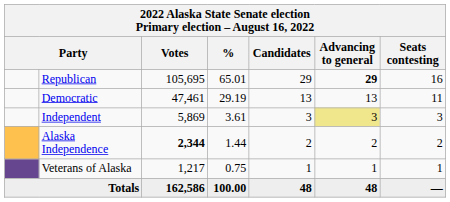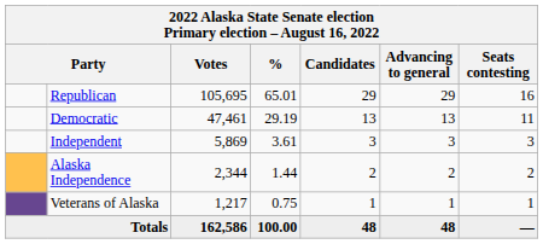 <table class="wikitable">
 <tr>
 <th colspan="7">2022 Alaska State Senate election<br>Primary election – August 16, 2022</th>
 </tr>
 <tr bgcolor="#EEEEEE" align="center">
 <th colspan=2 style="width: 11em">Party</th>
 <th style="width: 5em">Votes</th>
 <th style="width: 3em">%</th>
 <th style="width: 5em">Candidates</th>
 <th style="width: 5em">Advancing to general</th>
 <th style="width: 5em">Seats contesting</th>
 </tr>
 <tr>
 <td style="background:"></td>
 <td style="width: 130px"><a href='#'>Republican</a></td>
 <td align="right">105,695</td>
 <td align="right">65.01</td>
 <td align="right">29</td>
-<td align="right"><strong>29</strong></td>
+<td align="right">29</td>
 <td align="right">16</td>
 </tr>
 <tr>
 <td style="background:"></td>
 <td style="width: 130px"><a href='#'>Democratic</a></td>
 <td align="right">47,461</td>
 <td align="right">29.19</td>
 <td align="right">13</td>
 <td align="right">13</td>
 <td align="right">11</td>
 </tr>
 <tr>
 <td style="background:"></td>
 <td style="width: 130px"><a href='#'>Independent</a></td>
 <td align="right">5,869</td>
 <td align="right">3.61</td>
 <td align="right">3</td>
-<td align="right" style="background: khaki;">3</td>
+<td align="right">3</td>
 <td align="right">3</td>
 </tr>
 <tr>
 <td style="background:#FFC14E;"></td>
 <td style="width: 130px"><a href='#'>Alaska Independence</a></td>
-<td align="right"><strong>2,344</strong></td>
+<td align="right">2,344</td>
 <td align="right">1.44</td>
 <td align="right">2</td>
 <td align="right">2</td>
 <td align="right">2</td>
 </tr>
 <tr>
 <td style ="background:#674690;"></td>
 <td style="width: 130px">Veterans of Alaska</td>
 <td align="right">1,217</td>
 <td align="right">0.75</td>
 <td align="right">1</td>
 <td align="right">1</td>
 <td align="right">1</td>
 </tr>
 <tr bgcolor="#EEEEEE">
 <td colspan="2" align="right"><strong>Totals</strong></td>
 <td align="right"><strong>162,586</strong></td>
 <td align="right"><strong>100.00</strong></td>
 <td align="right"><strong>48</strong></td>
 <td align="right"><strong>48</strong></td>
 <td align="right"><strong>—</strong></td>
 </tr>
 </table>
